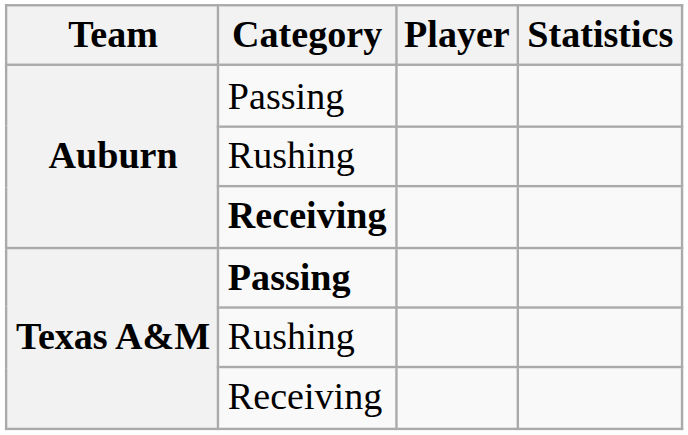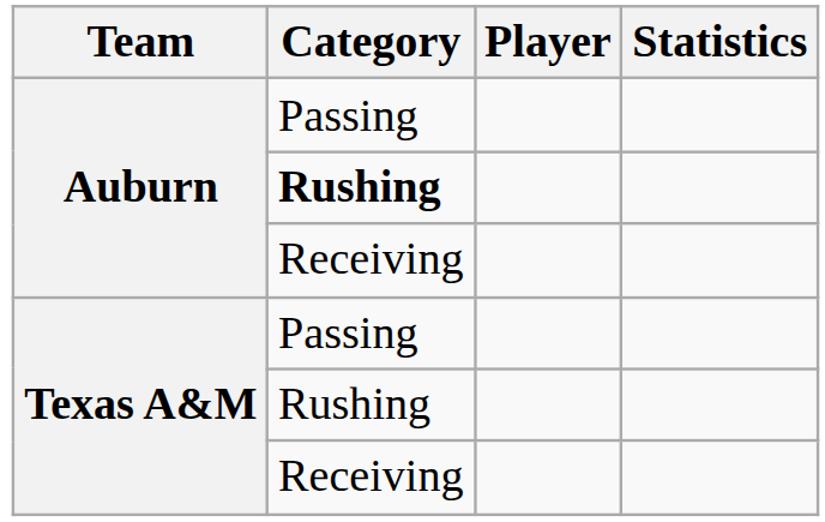 <table class="wikitable" style="float:right">
 <tr>
 <th>Team</th>
 <th>Category</th>
 <th>Player</th>
 <th>Statistics</th>
 </tr>
 <tr>
 <th rowspan=3>Auburn</th>
 <td>Passing</td>
 <td></td>
 <td></td>
 </tr>
 <tr>
-<td>Rushing</td>
+<td><strong>Rushing</strong></td>
 <td></td>
 <td></td>
 </tr>
 <tr>
-<td><strong>Receiving</strong></td>
+<td>Receiving</td>
 <td></td>
 <td></td>
 </tr>
 <tr>
 <th rowspan=3>Texas A&M</th>
-<td><strong>Passing</strong></td>
+<td>Passing</td>
 <td></td>
 <td></td>
 </tr>
 <tr>
 <td>Rushing</td>
 <td></td>
 <td></td>
 </tr>
 <tr>
 <td>Receiving</td>
 <td></td>
 <td></td>
 </tr>
 </table>
